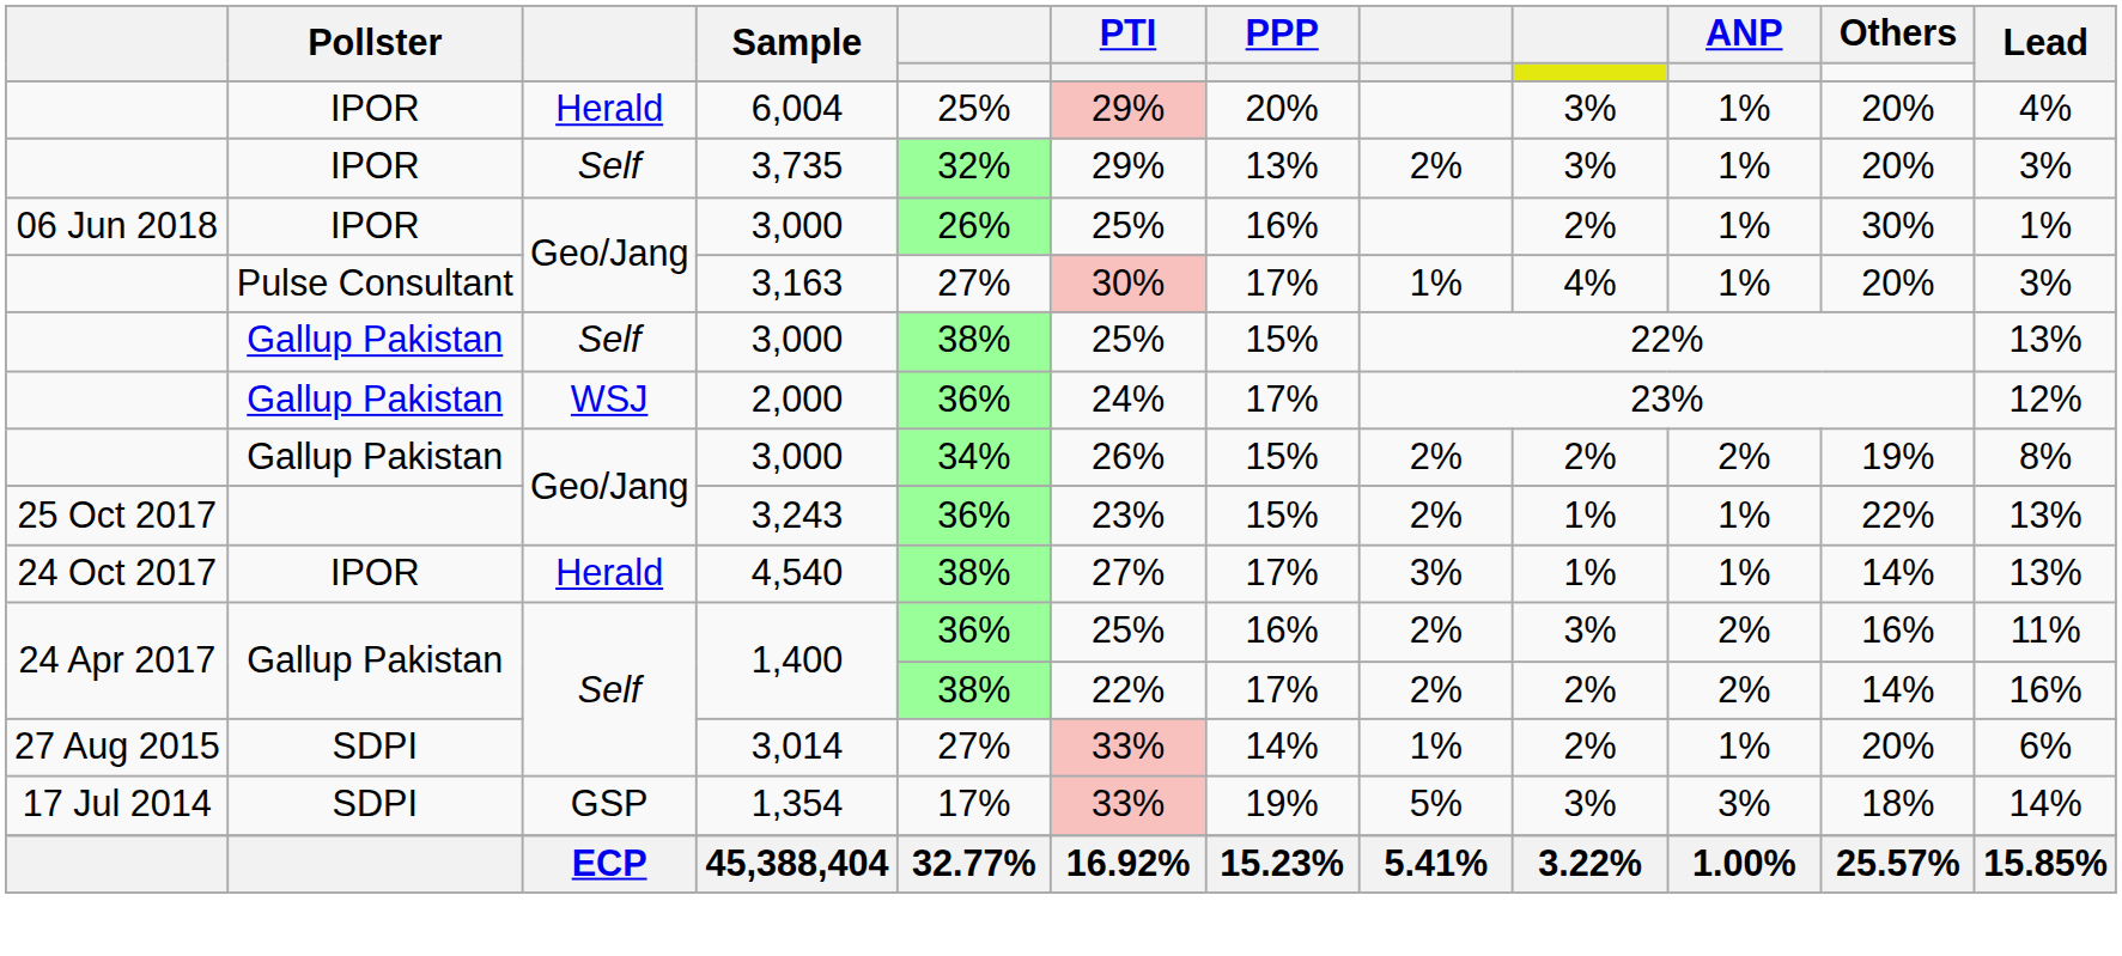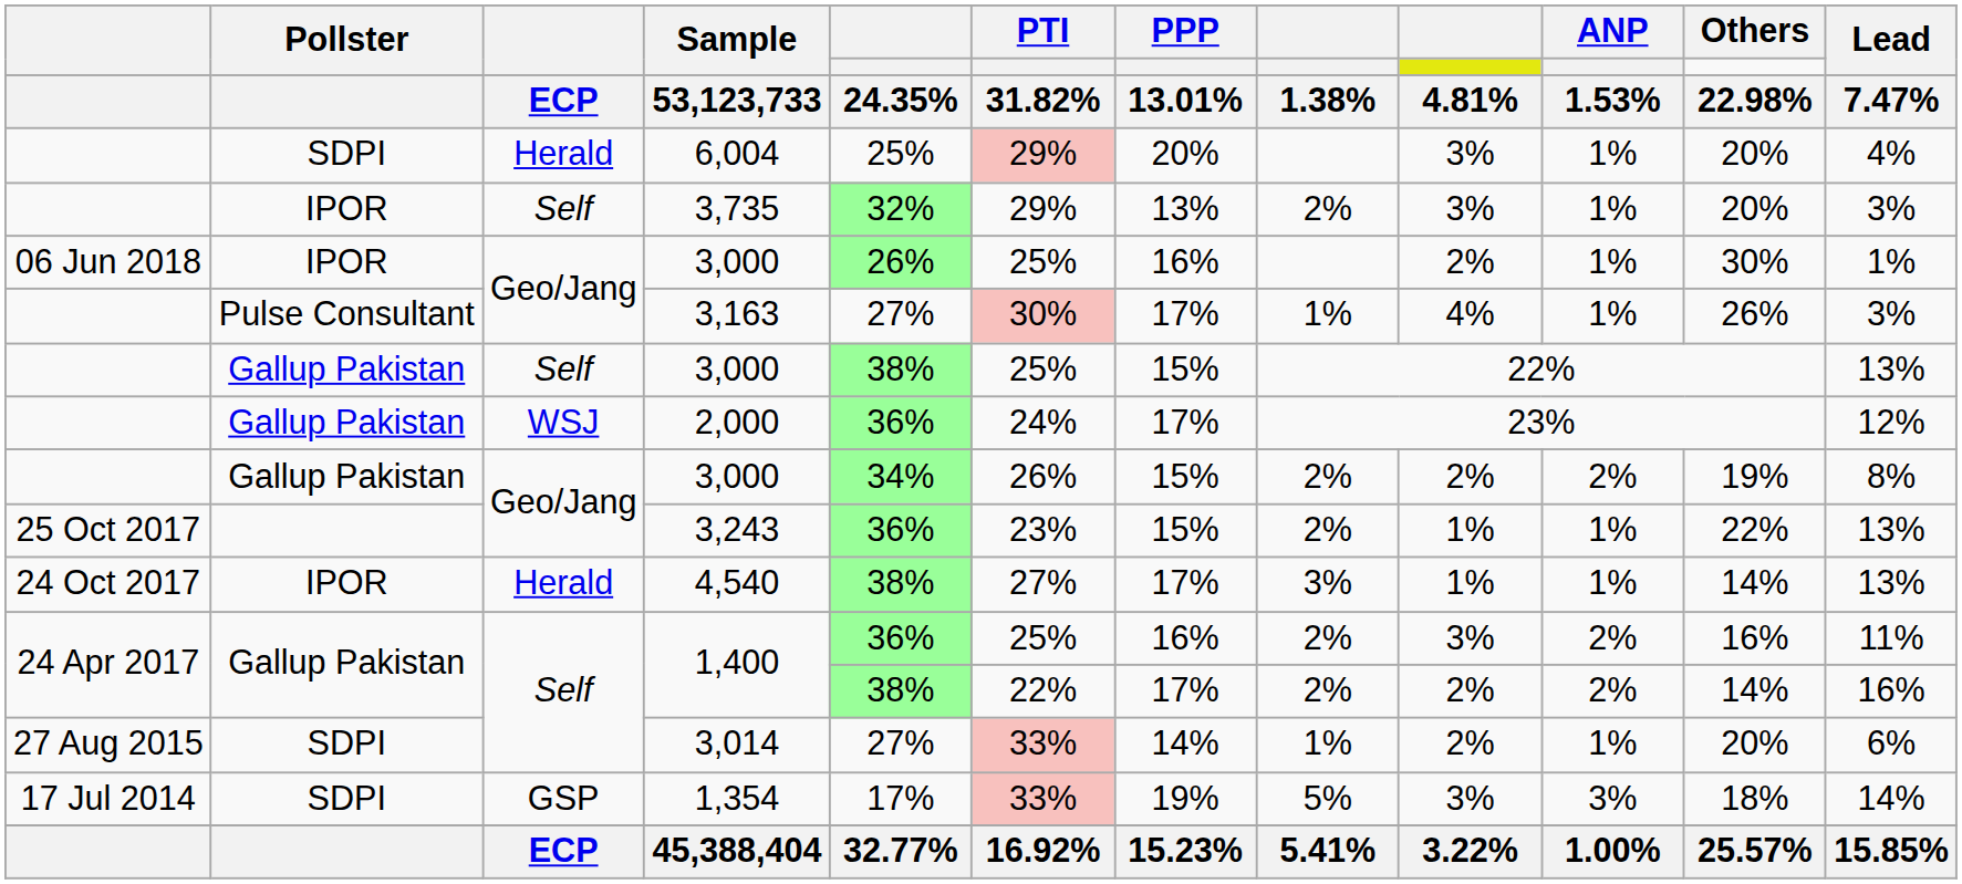 <table class="wikitable sortable" style="text-align:center">
 <tr>
 <th rowspan="2"></th>
 <th rowspan="2">Pollster</th>
 <th rowspan="2"></th>
 <th rowspan="2">Sample</th>
 <th style="width:60px;" class="unsortable"></th>
 <th style="width:60px;" class="unsortable"><a href='#'>PTI</a></th>
 <th style="width:60px;" class="unsortable"><a href='#'>PPP</a></th>
 <th style="width:60px;" class="unsortable"></th>
 <th style="width:60px;" class="unsortable"></th>
 <th style="width:60px;" class="unsortable"><a href='#'>ANP</a></th>
 <th style="width:60px;" class="unsortable">Others</th>
 <th class="unsortable" style="width:20px;" rowspan="2">Lead</th>
 </tr>
 <tr>
 <th class="unsortable" style="color:inherit;background:"></th>
 <th class="unsortable" style="color:inherit;background:"></th>
 <th class="unsortable" style="color:inherit;background:"></th>
 <th class="unsortable" style="color:inherit;background:"></th>
 <th class="unsortable" style="color:inherit;background:#E3E80F; width:60px;"></th>
 <th class="unsortable" style="color:inherit;background:"></th>
 </tr>
+<tr class=sortbottom style="background:#f2f2f2; font-weight:bold">
+<th></th>
+<th></th>
+<th><a href='#'>ECP</a></th>
+<th>53,123,733</th>
+<td>24.35%</td>
+<td style="background:">31.82%</td>
+<td>13.01%</td>
+<td>1.38%</td>
+<td>4.81%</td>
+<td>1.53%</td>
+<td>22.98%</td>
+<td style="background:">7.47%</td>
+</tr>
 <tr>
 <td></td>
-<td>IPOR</td>
+<td>SDPI</td>
 <td><a href='#'>Herald</a></td>
 <td>6,004</td>
 <td>25%</td>
 <td style="background:rgb(248, 193, 190)">29%</td>
 <td>20%</td>
 <td></td>
 <td>3%</td>
 <td>1%</td>
 <td>20%</td>
 <td style="background:">4%</td>
 </tr>
 <tr>
 <td></td>
 <td>IPOR</td>
 <td><em>Self</em></td>
 <td>3,735</td>
 <td style="background: rgb(153, 255, 153);">32%</td>
 <td>29%</td>
 <td>13%</td>
 <td>2%</td>
 <td>3%</td>
 <td>1%</td>
 <td>20%</td>
 <td style="background:">3%</td>
 </tr>
 <tr>
 <td>06 Jun 2018</td>
 <td>IPOR</td>
 <td rowspan=2>Geo/Jang</td>
 <td>3,000</td>
 <td style="background: rgb(153, 255, 153);">26%</td>
 <td>25%</td>
 <td>16%</td>
 <td></td>
 <td>2%</td>
 <td>1%</td>
 <td>30%</td>
 <td style="background:">1%</td>
 </tr>
 <tr>
 <td></td>
 <td>Pulse Consultant</td>
 <td>3,163</td>
 <td>27%</td>
 <td style="background:rgb(248, 193, 190)">30%</td>
 <td>17%</td>
 <td>1%</td>
 <td>4%</td>
 <td>1%</td>
-<td>20%</td>
+<td>26%</td>
 <td style="background:">3%</td>
 </tr>
 <tr>
 <td></td>
 <td><a href='#'>Gallup Pakistan</a></td>
 <td><em>Self</em></td>
 <td>3,000</td>
 <td style="background: rgb(153, 255, 153);">38%</td>
 <td>25%</td>
 <td>15%</td>
 <td colspan="4">22%</td>
 <td style="background:">13%</td>
 </tr>
 <tr>
 <td></td>
 <td><a href='#'>Gallup Pakistan</a></td>
 <td><a href='#'>WSJ</a></td>
 <td>2,000</td>
 <td style="background: rgb(153, 255, 153);">36%</td>
 <td>24%</td>
 <td>17%</td>
 <td colspan="4">23%</td>
 <td style="background:">12%</td>
 </tr>
 <tr>
 <td></td>
 <td>Gallup Pakistan</td>
 <td rowspan=2>Geo/Jang</td>
 <td>3,000</td>
 <td style="background: rgb(153, 255, 153);">34%</td>
 <td>26%</td>
 <td>15%</td>
 <td>2%</td>
 <td>2%</td>
 <td>2%</td>
 <td>19%</td>
 <td style="background:">8%</td>
 </tr>
 <tr>
 <td>25 Oct 2017</td>
 <td></td>
 <td>3,243</td>
 <td style="background: rgb(153, 255, 153);">36%</td>
 <td>23%</td>
 <td>15%</td>
 <td>2%</td>
 <td>1%</td>
 <td>1%</td>
 <td>22%</td>
 <td style="background:">13%</td>
 </tr>
 <tr>
 <td>24 Oct 2017</td>
 <td>IPOR</td>
 <td><a href='#'>Herald</a></td>
 <td>4,540</td>
 <td style="background: rgb(153, 255, 153);">38%</td>
 <td>27%</td>
 <td>17%</td>
 <td>3%</td>
 <td>1%</td>
 <td>1%</td>
 <td>14%</td>
 <td style="background:">13%</td>
 </tr>
 <tr>
 <td rowspan="2">24 Apr 2017</td>
 <td rowspan="2">Gallup Pakistan</td>
 <td rowspan=3><em>Self</em></td>
 <td rowspan="2">1,400</td>
 <td style="background: rgb(153, 255, 153);">36%</td>
 <td>25%</td>
 <td>16%</td>
 <td>2%</td>
 <td>3%</td>
 <td>2%</td>
 <td>16%</td>
 <td style="background:">11%</td>
 </tr>
 <tr>
 <td style="background: rgb(153, 255, 153);">38%</td>
 <td>22%</td>
 <td>17%</td>
 <td>2%</td>
 <td>2%</td>
 <td>2%</td>
 <td>14%</td>
 <td style="background:">16%</td>
 </tr>
 <tr>
 <td>27 Aug 2015</td>
 <td>SDPI</td>
 <td>3,014</td>
 <td>27%</td>
 <td style="background:rgb(248, 193, 190)">33%</td>
 <td>14%</td>
 <td>1%</td>
 <td>2%</td>
 <td>1%</td>
 <td>20%</td>
 <td style="background:">6%</td>
 </tr>
 <tr>
 <td>17 Jul 2014</td>
 <td>SDPI</td>
 <td>GSP</td>
 <td>1,354</td>
 <td>17%</td>
 <td style="background:rgb(248, 193, 190)">33%</td>
 <td>19%</td>
 <td>5%</td>
 <td>3%</td>
 <td>3%</td>
 <td>18%</td>
 <td style="background:">14%</td>
 </tr>
 <tr>
 </tr>
 <tr class=sortbottom style="background:#f2f2f2; font-weight:bold">
 <th></th>
 <th></th>
 <th><a href='#'>ECP</a></th>
 <th>45,388,404</th>
 <td style="background:"><strong>32.77%</strong></td>
 <td><strong>16.92%</strong></td>
 <td><strong>15.23%</strong></td>
 <td><strong>5.41%</strong></td>
 <td><strong>3.22%</strong></td>
 <td><strong>1.00%</strong></td>
 <td><strong>25.57%</strong></td>
 <td style="background:"><strong>15.85%</strong></td>
 </tr>
 </table>
